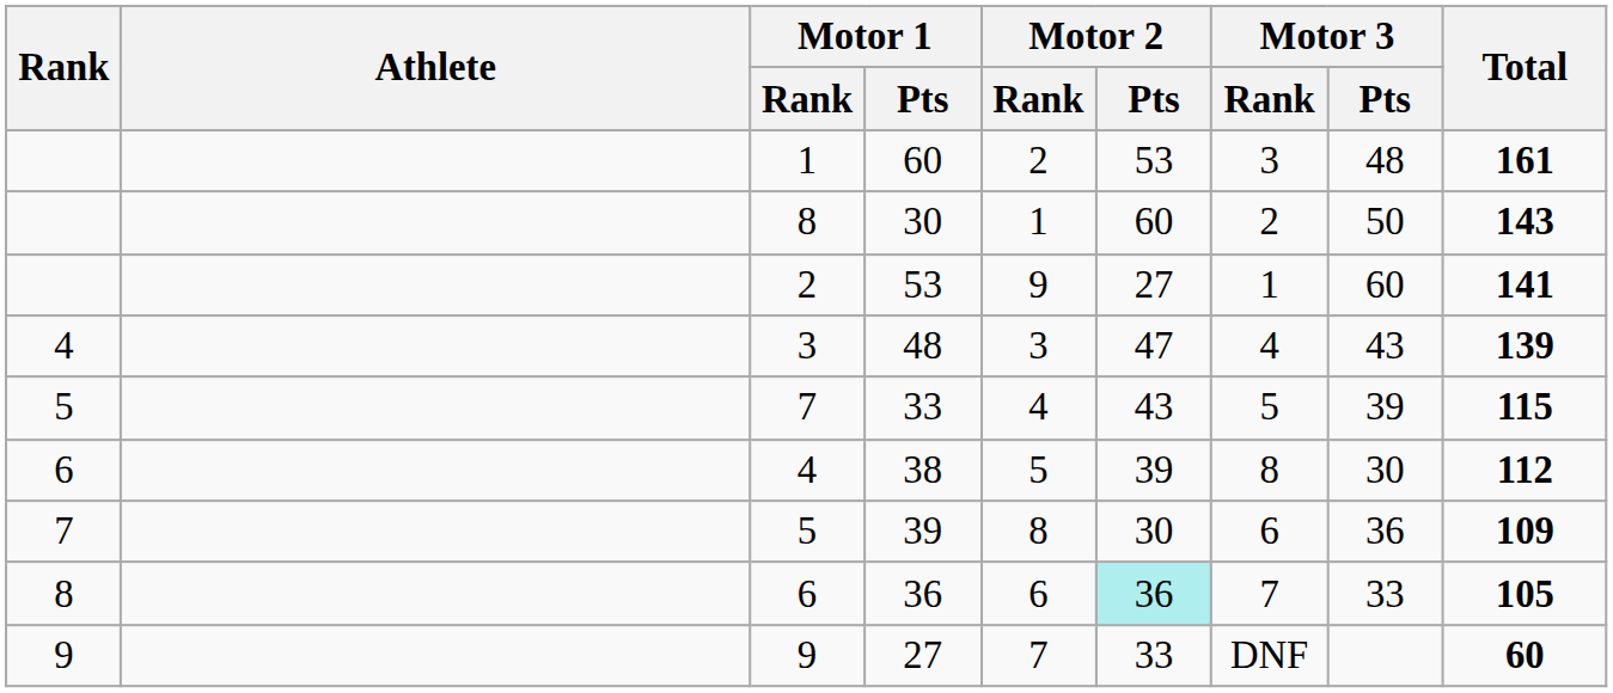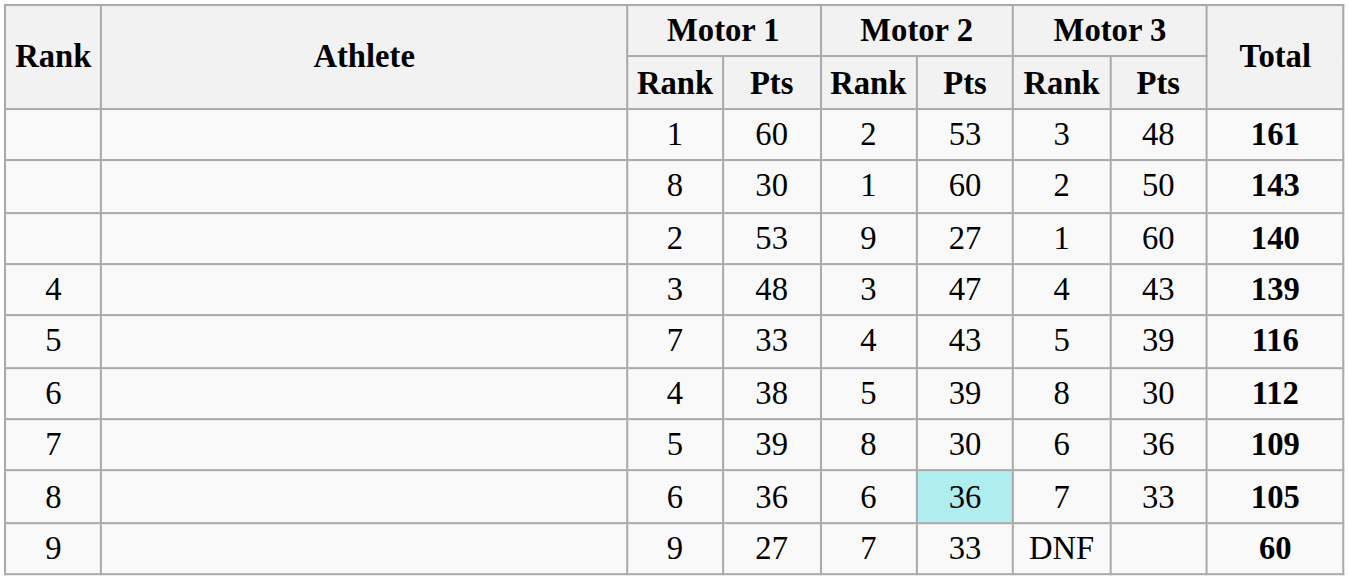 <table class=wikitable style="text-align:center">
 <tr>
 <th width=40 rowspan=2>Rank</th>
 <th width=250 rowspan=2>Athlete</th>
 <th colspan=2>Motor 1</th>
 <th colspan=2>Motor 2</th>
 <th colspan=2>Motor 3</th>
 <th width=60 rowspan=2>Total</th>
 </tr>
 <tr>
 <th width=40>Rank</th>
 <th width=40>Pts</th>
 <th width=40>Rank</th>
 <th width=40>Pts</th>
 <th width=40>Rank</th>
 <th width=40>Pts</th>
 </tr>
 <tr>
 <td></td>
 <td align=left></td>
 <td>1</td>
 <td>60</td>
 <td>2</td>
 <td>53</td>
 <td>3</td>
 <td>48</td>
 <td><strong>161</strong></td>
 </tr>
 <tr>
 <td></td>
 <td align=left></td>
 <td>8</td>
 <td>30</td>
 <td>1</td>
 <td>60</td>
 <td>2</td>
 <td>50</td>
 <td><strong>143</strong></td>
 </tr>
 <tr>
 <td></td>
 <td align=left></td>
 <td>2</td>
 <td>53</td>
 <td>9</td>
 <td>27</td>
 <td>1</td>
 <td>60</td>
-<td><strong>141</strong></td>
+<td><strong>140</strong></td>
 </tr>
 <tr>
 <td>4</td>
 <td align=left></td>
 <td>3</td>
 <td>48</td>
 <td>3</td>
 <td>47</td>
 <td>4</td>
 <td>43</td>
 <td><strong>139</strong></td>
 </tr>
 <tr>
 <td>5</td>
 <td align=left></td>
 <td>7</td>
 <td>33</td>
 <td>4</td>
 <td>43</td>
 <td>5</td>
 <td>39</td>
-<td><strong>115</strong></td>
+<td><strong>116</strong></td>
 </tr>
 <tr>
 <td>6</td>
 <td align=left></td>
 <td>4</td>
 <td>38</td>
 <td>5</td>
 <td>39</td>
 <td>8</td>
 <td>30</td>
 <td><strong>112</strong></td>
 </tr>
 <tr>
 <td>7</td>
 <td align=left></td>
 <td>5</td>
 <td>39</td>
 <td>8</td>
 <td>30</td>
 <td>6</td>
 <td>36</td>
 <td><strong>109</strong></td>
 </tr>
 <tr>
 <td>8</td>
 <td align=left></td>
 <td>6</td>
 <td>36</td>
 <td>6</td>
 <td style="background: paleturquoise;">36</td>
 <td>7</td>
 <td>33</td>
 <td><strong>105</strong></td>
 </tr>
 <tr>
 <td>9</td>
 <td align=left></td>
 <td>9</td>
 <td>27</td>
 <td>7</td>
 <td>33</td>
 <td>DNF</td>
 <td></td>
 <td><strong>60</strong></td>
 </tr>
 </table>
